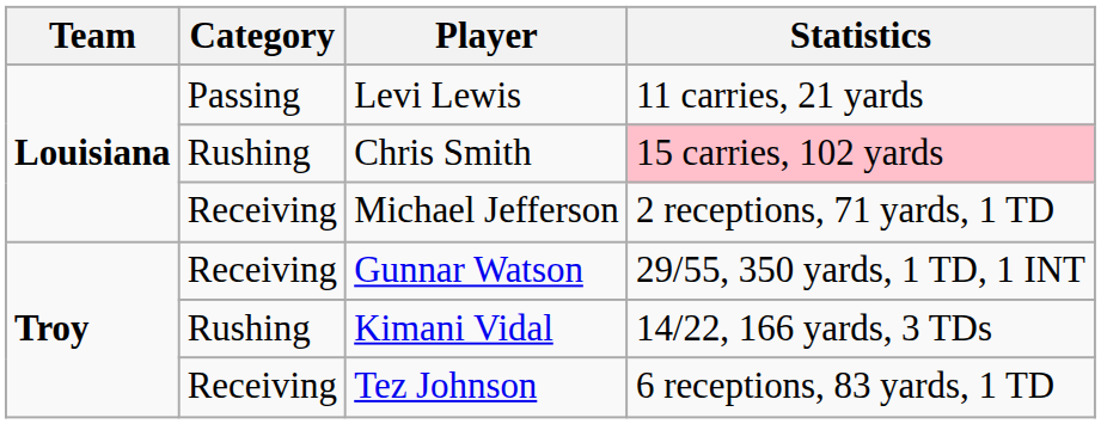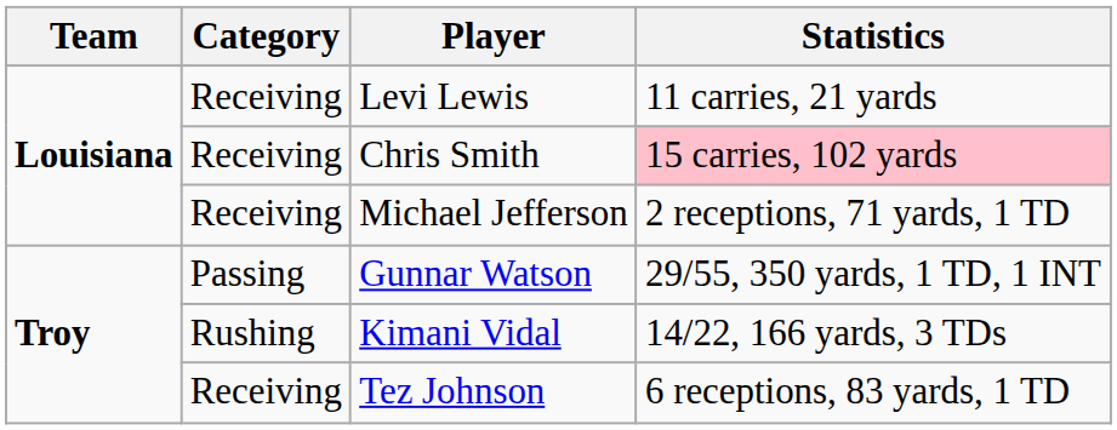 <table class="wikitable" style="float: left;">
 <tr>
 <th>Team</th>
 <th>Category</th>
 <th>Player</th>
 <th>Statistics</th>
 </tr>
 <tr>
 <td rowspan=3><strong>Louisiana</strong></td>
-<td>Passing</td>
+<td>Receiving</td>
 <td>Levi Lewis</td>
 <td>11 carries, 21 yards</td>
 </tr>
 <tr>
-<td>Rushing</td>
+<td>Receiving</td>
 <td>Chris Smith</td>
 <td style="background: pink;">15 carries, 102 yards</td>
 </tr>
 <tr>
 <td>Receiving</td>
 <td>Michael Jefferson</td>
 <td>2 receptions, 71 yards, 1 TD</td>
 </tr>
 <tr>
 <td rowspan=3><strong>Troy</strong></td>
-<td>Receiving</td>
+<td>Passing</td>
 <td><a href='#'>Gunnar Watson</a></td>
 <td>29/55, 350 yards, 1 TD, 1 INT</td>
 </tr>
 <tr>
 <td>Rushing</td>
 <td><a href='#'>Kimani Vidal</a></td>
 <td>14/22, 166 yards, 3 TDs</td>
 </tr>
 <tr>
 <td>Receiving</td>
 <td><a href='#'>Tez Johnson</a></td>
 <td>6 receptions, 83 yards, 1 TD</td>
 </tr>
 </table>
